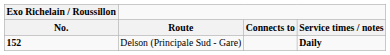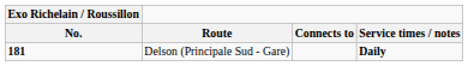 <table align=center class="wikitable">
 <tr>
 <th style="background: #">Exo Richelain / Roussillon</th>
 </tr>
 <tr>
 <th>No.</th>
 <th>Route</th>
 <th>Connects to</th>
 <th>Service times / notes</th>
 </tr>
 <tr>
-<td {{border> <strong>152</strong></td>
+<td {{border> <strong>181</strong></td>
 <td>Delson (Principale Sud - Gare)</td>
 <td></td>
 <td><strong>Daily</strong></td>
 </tr>
 </table>
